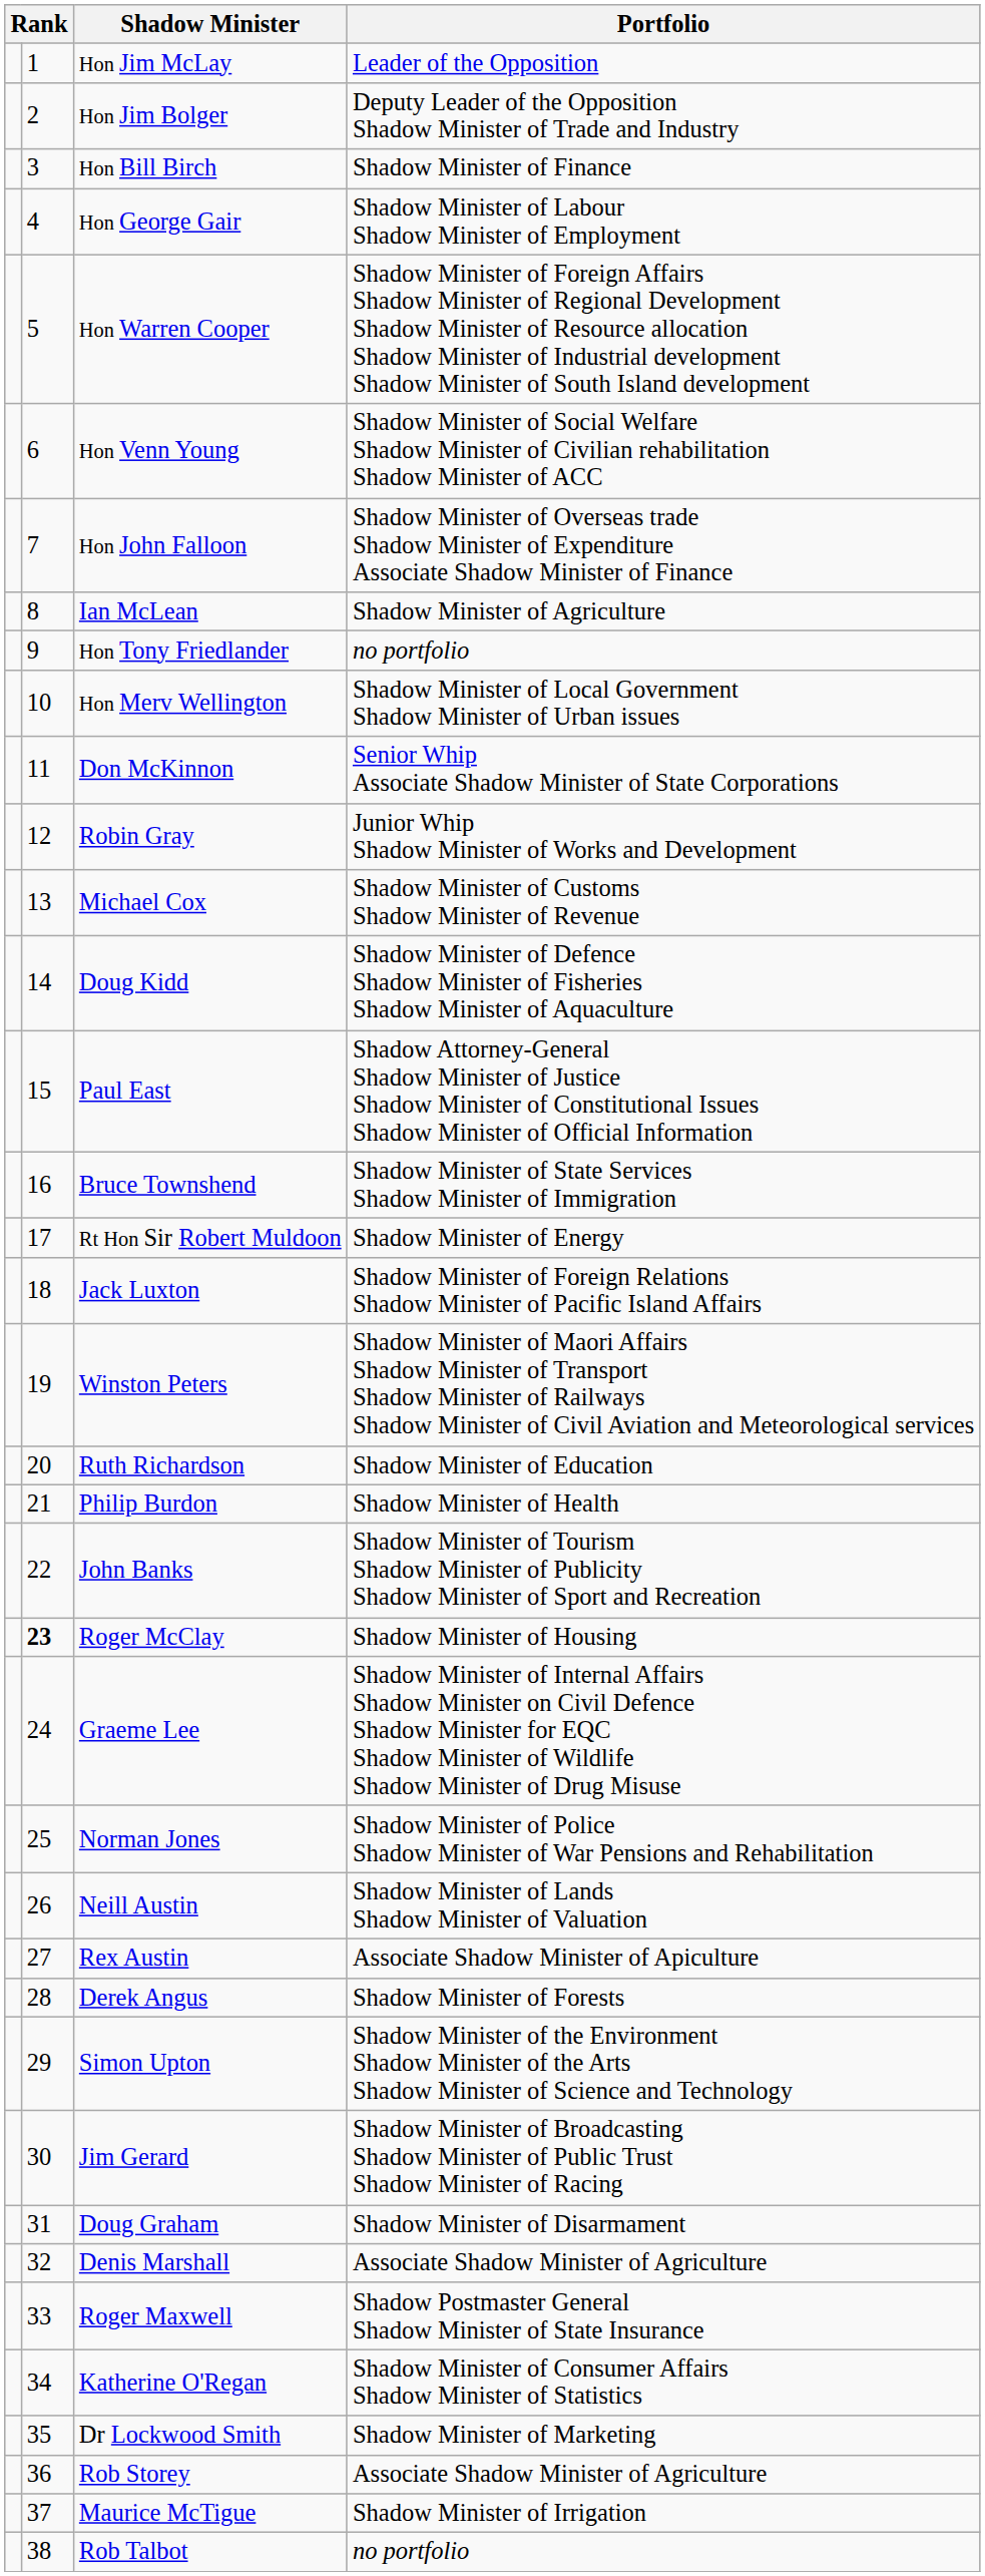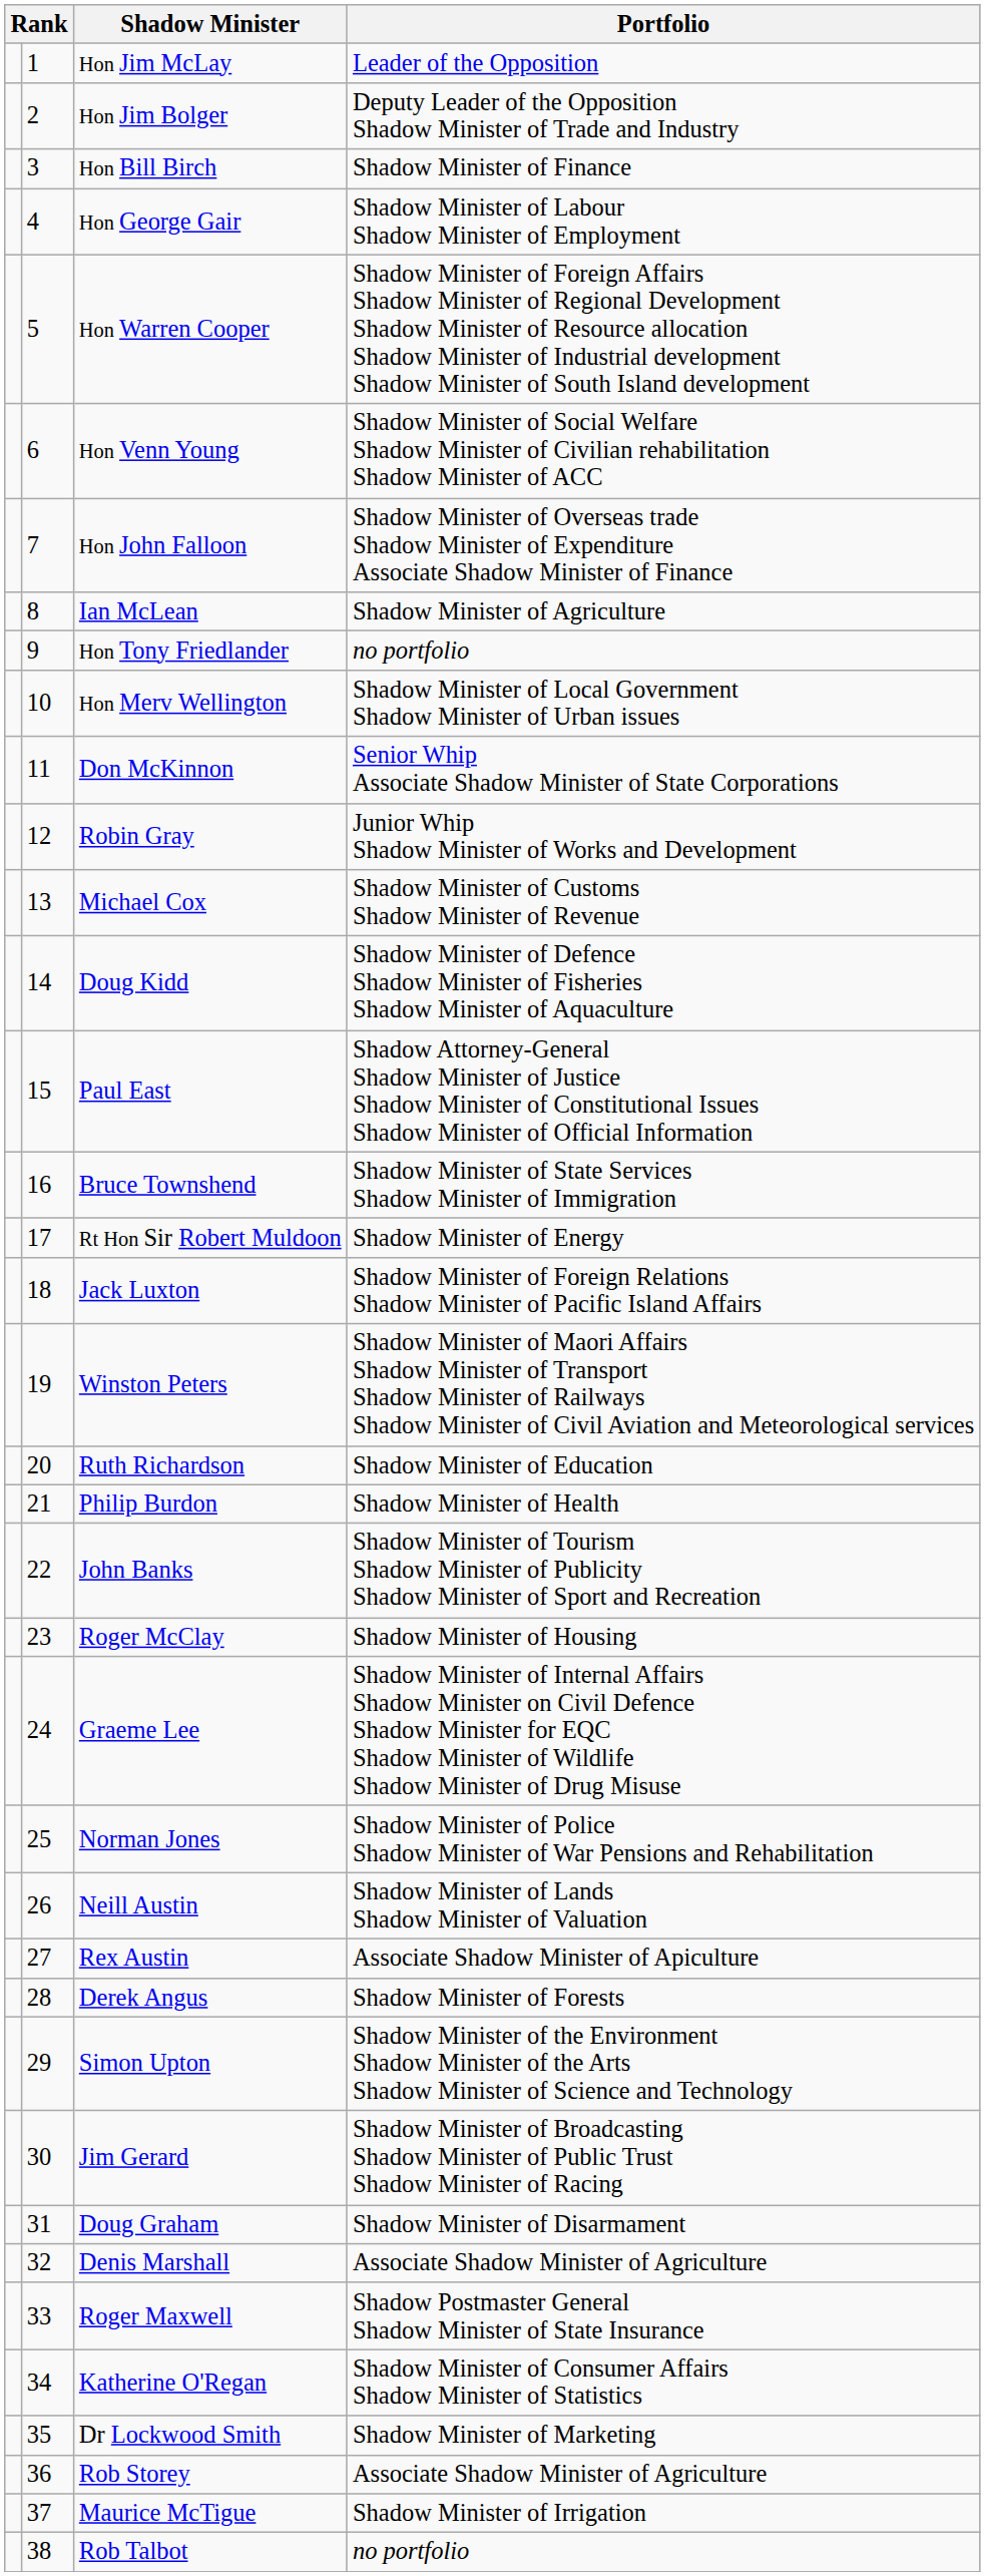 <table class="wikitable">
 <tr>
 <th colspan="2">Rank</th>
 <th>Shadow Minister</th>
 <th>Portfolio</th>
 </tr>
 <tr>
 <td bgcolor=></td>
 <td>1</td>
 <td><small>Hon </small><a href='#'>Jim McLay</a></td>
 <td><a href='#'>Leader of the Opposition</a></td>
 </tr>
 <tr>
 <td bgcolor=></td>
 <td>2</td>
 <td><small>Hon </small><a href='#'>Jim Bolger</a></td>
 <td>Deputy Leader of the Opposition<br>Shadow Minister of Trade and Industry</td>
 </tr>
 <tr>
 <td bgcolor=></td>
 <td>3</td>
 <td><small>Hon </small><a href='#'>Bill Birch</a></td>
 <td>Shadow Minister of Finance</td>
 </tr>
 <tr>
 <td bgcolor=></td>
 <td>4</td>
 <td><small>Hon </small><a href='#'>George Gair</a></td>
 <td>Shadow Minister of Labour<br>Shadow Minister of Employment</td>
 </tr>
 <tr>
 <td bgcolor=></td>
 <td>5</td>
 <td><small>Hon </small><a href='#'>Warren Cooper</a></td>
 <td>Shadow Minister of Foreign Affairs<br>Shadow Minister of Regional Development<br>Shadow Minister of Resource allocation<br>Shadow Minister of Industrial development<br>Shadow Minister of South Island development</td>
 </tr>
 <tr>
 <td bgcolor=></td>
 <td>6</td>
 <td><small>Hon </small><a href='#'>Venn Young</a></td>
 <td>Shadow Minister of Social Welfare<br>Shadow Minister of Civilian rehabilitation<br>Shadow Minister of ACC</td>
 </tr>
 <tr>
 <td bgcolor=></td>
 <td>7</td>
 <td><small>Hon </small><a href='#'>John Falloon</a></td>
 <td>Shadow Minister of Overseas trade<br>Shadow Minister of Expenditure<br>Associate Shadow Minister of Finance</td>
 </tr>
 <tr>
 <td bgcolor=></td>
 <td>8</td>
 <td><a href='#'>Ian McLean</a></td>
 <td>Shadow Minister of Agriculture</td>
 </tr>
 <tr>
 <td bgcolor=></td>
 <td>9</td>
 <td><small>Hon </small><a href='#'>Tony Friedlander</a></td>
 <td><em>no portfolio</em></td>
 </tr>
 <tr>
 <td bgcolor=></td>
 <td>10</td>
 <td><small>Hon </small><a href='#'>Merv Wellington</a></td>
 <td>Shadow Minister of Local Government<br>Shadow Minister of Urban issues</td>
 </tr>
 <tr>
 <td bgcolor=></td>
 <td>11</td>
 <td><a href='#'>Don McKinnon</a></td>
 <td><a href='#'>Senior Whip</a><br>Associate Shadow Minister of State Corporations</td>
 </tr>
 <tr>
 <td bgcolor=></td>
 <td>12</td>
 <td><a href='#'>Robin Gray</a></td>
 <td>Junior Whip<br>Shadow Minister of Works and Development</td>
 </tr>
 <tr>
 <td bgcolor=></td>
 <td>13</td>
 <td><a href='#'>Michael Cox</a></td>
 <td>Shadow Minister of Customs<br>Shadow Minister of Revenue</td>
 </tr>
 <tr>
 <td bgcolor=></td>
 <td>14</td>
 <td><a href='#'>Doug Kidd</a></td>
 <td>Shadow Minister of Defence<br>Shadow Minister of Fisheries<br>Shadow Minister of Aquaculture</td>
 </tr>
 <tr>
 <td bgcolor=></td>
 <td>15</td>
 <td><a href='#'>Paul East</a></td>
 <td>Shadow Attorney-General<br>Shadow Minister of Justice<br>Shadow Minister of Constitutional Issues<br>Shadow Minister of Official Information</td>
 </tr>
 <tr>
 <td bgcolor=></td>
 <td>16</td>
 <td><a href='#'>Bruce Townshend</a></td>
 <td>Shadow Minister of State Services<br>Shadow Minister of Immigration</td>
 </tr>
 <tr>
 <td bgcolor=></td>
 <td>17</td>
 <td><small>Rt Hon </small>Sir <a href='#'>Robert Muldoon</a></td>
 <td>Shadow Minister of Energy</td>
 </tr>
 <tr>
 <td bgcolor=></td>
 <td>18</td>
 <td><a href='#'>Jack Luxton</a></td>
 <td>Shadow Minister of Foreign Relations<br>Shadow Minister of Pacific Island Affairs</td>
 </tr>
 <tr>
 <td bgcolor=></td>
 <td>19</td>
 <td><a href='#'>Winston Peters</a></td>
 <td>Shadow Minister of Maori Affairs<br>Shadow Minister of Transport<br>Shadow Minister of Railways<br>Shadow Minister of Civil Aviation and Meteorological services</td>
 </tr>
 <tr>
 <td bgcolor=></td>
 <td>20</td>
 <td><a href='#'>Ruth Richardson</a></td>
 <td>Shadow Minister of Education</td>
 </tr>
 <tr>
 <td bgcolor=></td>
 <td>21</td>
 <td><a href='#'>Philip Burdon</a></td>
 <td>Shadow Minister of Health</td>
 </tr>
 <tr>
 <td bgcolor=></td>
 <td>22</td>
 <td><a href='#'>John Banks</a></td>
 <td>Shadow Minister of Tourism<br>Shadow Minister of Publicity<br>Shadow Minister of Sport and Recreation</td>
 </tr>
 <tr>
 <td bgcolor=></td>
-<td><strong>23</strong></td>
+<td>23</td>
 <td><a href='#'>Roger McClay</a></td>
 <td>Shadow Minister of Housing</td>
 </tr>
 <tr>
 <td bgcolor=></td>
 <td>24</td>
 <td><a href='#'>Graeme Lee</a></td>
 <td>Shadow Minister of Internal Affairs<br>Shadow Minister on Civil Defence<br>Shadow Minister for EQC<br>Shadow Minister of Wildlife<br>Shadow Minister of Drug Misuse</td>
 </tr>
 <tr>
 <td bgcolor=></td>
 <td>25</td>
 <td><a href='#'>Norman Jones</a></td>
 <td>Shadow Minister of Police<br>Shadow Minister of War Pensions and Rehabilitation</td>
 </tr>
 <tr>
 <td bgcolor=></td>
 <td>26</td>
 <td><a href='#'>Neill Austin</a></td>
 <td>Shadow Minister of Lands<br>Shadow Minister of Valuation</td>
 </tr>
 <tr>
 <td bgcolor=></td>
 <td>27</td>
 <td><a href='#'>Rex Austin</a></td>
 <td>Associate Shadow Minister of Apiculture</td>
 </tr>
 <tr>
 <td bgcolor=></td>
 <td>28</td>
 <td><a href='#'>Derek Angus</a></td>
 <td>Shadow Minister of Forests</td>
 </tr>
 <tr>
 <td bgcolor=></td>
 <td>29</td>
 <td><a href='#'>Simon Upton</a></td>
 <td>Shadow Minister of the Environment<br>Shadow Minister of the Arts<br>Shadow Minister of Science and Technology</td>
 </tr>
 <tr>
 <td bgcolor=></td>
 <td>30</td>
 <td><a href='#'>Jim Gerard</a></td>
 <td>Shadow Minister of Broadcasting<br>Shadow Minister of Public Trust<br>Shadow Minister of Racing</td>
 </tr>
 <tr>
 <td bgcolor=></td>
 <td>31</td>
 <td><a href='#'>Doug Graham</a></td>
 <td>Shadow Minister of Disarmament</td>
 </tr>
 <tr>
 <td bgcolor=></td>
 <td>32</td>
 <td><a href='#'>Denis Marshall</a></td>
 <td>Associate Shadow Minister of Agriculture</td>
 </tr>
 <tr>
 <td bgcolor=></td>
 <td>33</td>
 <td><a href='#'>Roger Maxwell</a></td>
 <td>Shadow Postmaster General<br>Shadow Minister of State Insurance</td>
 </tr>
 <tr>
 <td bgcolor=></td>
 <td>34</td>
 <td><a href='#'>Katherine O'Regan</a></td>
 <td>Shadow Minister of Consumer Affairs<br>Shadow Minister of Statistics</td>
 </tr>
 <tr>
 <td bgcolor=></td>
 <td>35</td>
 <td>Dr <a href='#'>Lockwood Smith</a></td>
 <td>Shadow Minister of Marketing</td>
 </tr>
 <tr>
 <td bgcolor=></td>
 <td>36</td>
 <td><a href='#'>Rob Storey</a></td>
 <td>Associate Shadow Minister of Agriculture</td>
 </tr>
 <tr>
 <td bgcolor=></td>
 <td>37</td>
 <td><a href='#'>Maurice McTigue</a></td>
 <td>Shadow Minister of Irrigation</td>
 </tr>
 <tr>
 <td bgcolor=></td>
 <td>38</td>
 <td><a href='#'>Rob Talbot</a></td>
 <td><em>no portfolio</em></td>
 </tr>
 <tr>
 </tr>
 </table>
